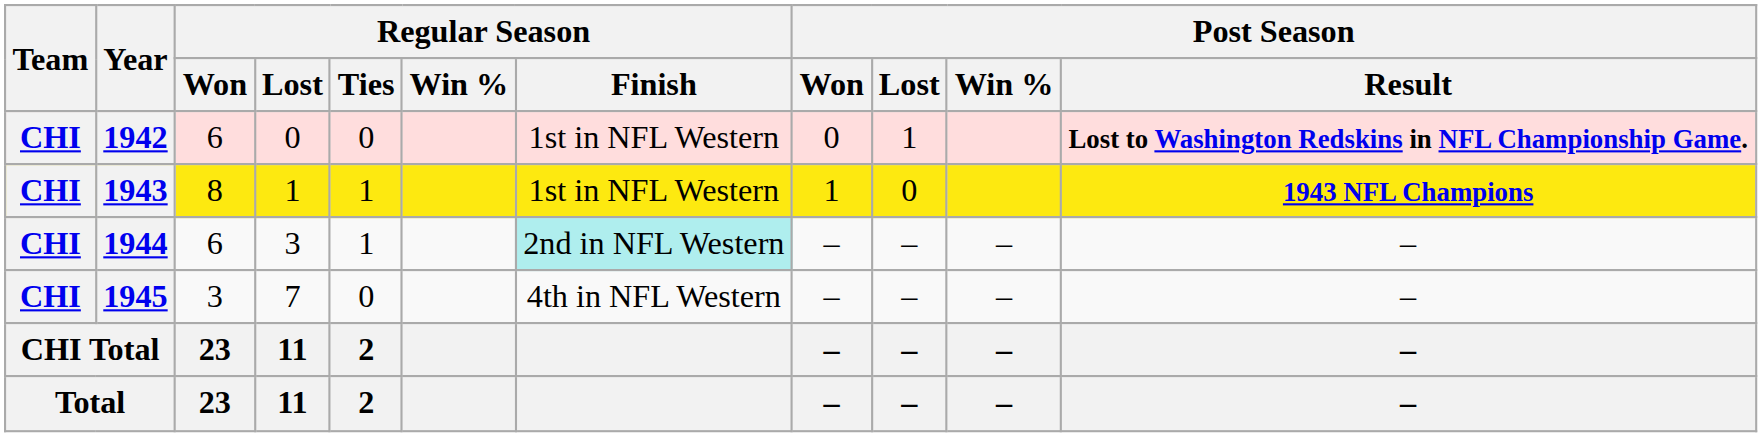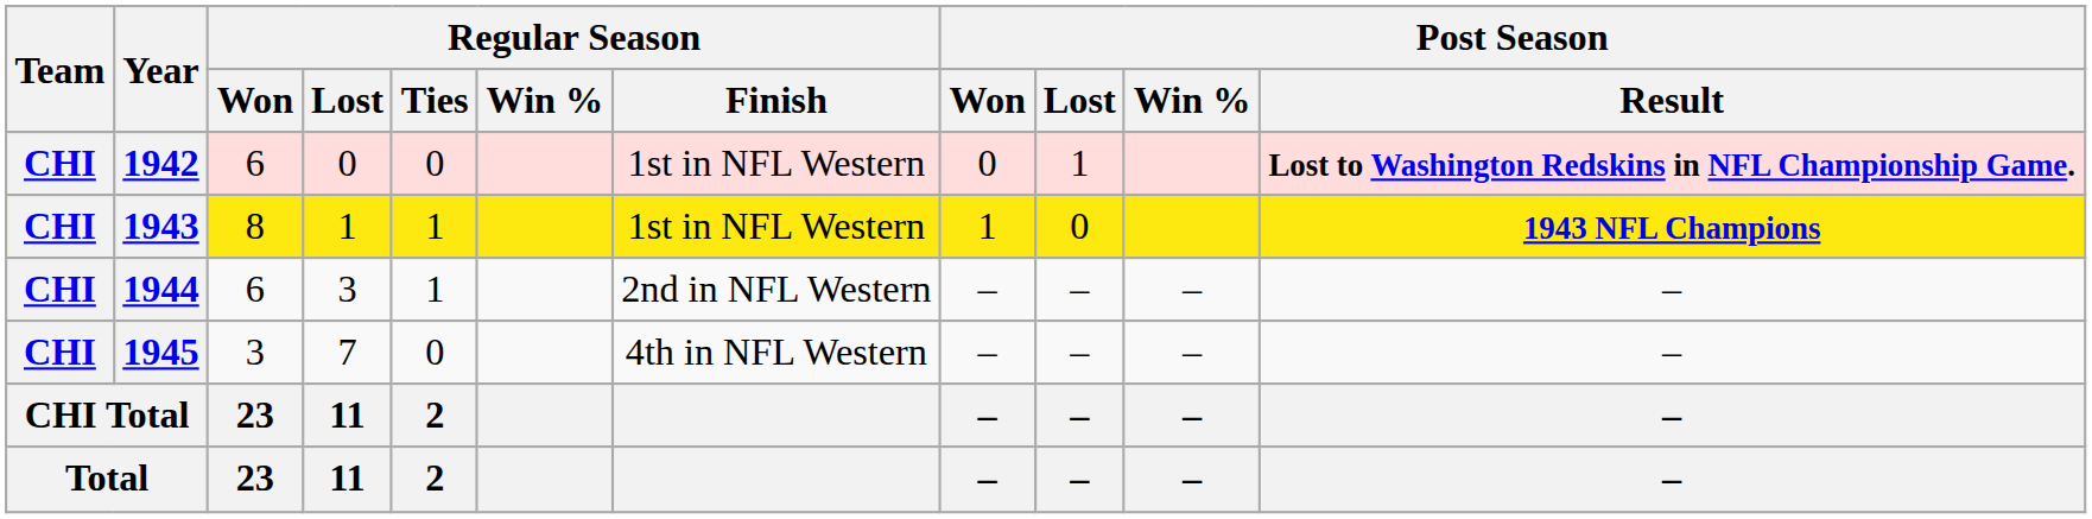 <table class="wikitable" style="font-size: 95%; text-align:center;">
 <tr>
 <th rowspan="2">Team</th>
 <th rowspan="2">Year</th>
 <th colspan="5">Regular Season</th>
 <th colspan="4">Post Season</th>
 </tr>
 <tr>
 <th>Won</th>
 <th>Lost</th>
 <th>Ties</th>
 <th>Win %</th>
 <th>Finish</th>
 <th>Won</th>
 <th>Lost</th>
 <th>Win %</th>
 <th>Result</th>
 </tr>
 <tr ! style="background:#fdd;">
 <th><a href='#'>CHI</a></th>
 <th><a href='#'>1942</a></th>
 <td>6</td>
 <td>0</td>
 <td>0</td>
 <td></td>
 <td>1st in NFL Western</td>
 <td>0</td>
 <td>1</td>
 <td></td>
 <td><small><strong>Lost to <a href='#'>Washington Redskins</a> in <a href='#'>NFL Championship Game</a>.</strong></small></td>
 </tr>
 <tr ! style="background:#FDE910;">
 <th><a href='#'>CHI</a></th>
 <th><a href='#'>1943</a></th>
 <td>8</td>
 <td>1</td>
 <td>1</td>
 <td></td>
 <td>1st in NFL Western</td>
 <td>1</td>
 <td>0</td>
 <td></td>
 <td><small><strong><a href='#'>1943 NFL Champions</a></strong></small></td>
 </tr>
 <tr>
 <th><a href='#'>CHI</a></th>
 <th><a href='#'>1944</a></th>
 <td>6</td>
 <td>3</td>
 <td>1</td>
 <td></td>
-<td style="background: paleturquoise;">2nd in NFL Western</td>
+<td>2nd in NFL Western</td>
 <td>–</td>
 <td>–</td>
 <td>–</td>
 <td>–</td>
 </tr>
 <tr>
 <th><a href='#'>CHI</a></th>
 <th><a href='#'>1945</a></th>
 <td>3</td>
 <td>7</td>
 <td>0</td>
 <td></td>
 <td>4th in NFL Western</td>
 <td>–</td>
 <td>–</td>
 <td>–</td>
 <td>–</td>
 </tr>
 <tr>
 <th colspan="2">CHI Total</th>
 <th>23</th>
 <th>11</th>
 <th>2</th>
 <th></th>
 <th></th>
 <th>–</th>
 <th>–</th>
 <th>–</th>
 <th>–</th>
 </tr>
 <tr>
 <th colspan="2">Total</th>
 <th>23</th>
 <th>11</th>
 <th>2</th>
 <th></th>
 <th></th>
 <th>–</th>
 <th>–</th>
 <th>–</th>
 <th>–</th>
 </tr>
 </table>
